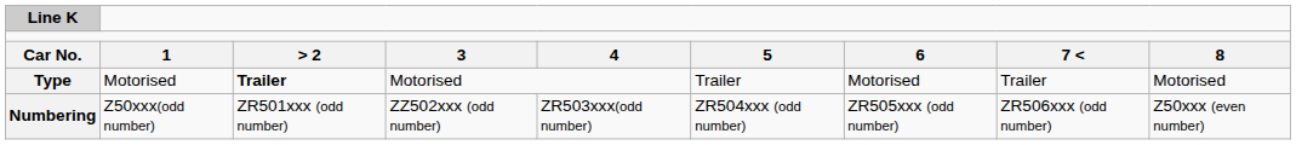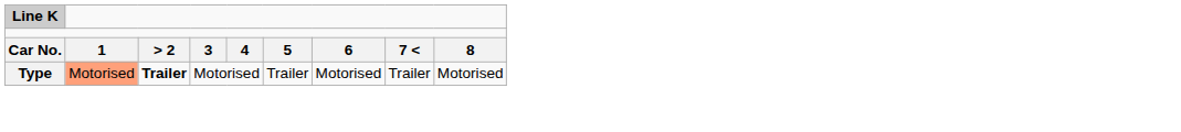 <table class="wikitable">
 <tr>
 <th style="background-color:#ccc;">Line K</th>
 <td colspan="8"></td>
 </tr>
 <tr style="line-height: 9px; background-color:#">
 <td colspan="9" style="padding:0; border:0;"> </td>
 </tr>
 <tr>
 <th>Car No.</th>
 <th>1</th>
 <th>> 2</th>
 <th>3</th>
 <th>4</th>
 <th>5</th>
 <th>6</th>
 <th>7 <</th>
 <th>8</th>
 </tr>
 <tr>
 <th>Type</th>
-<td>Motorised</td>
+<td style="background: lightsalmon;">Motorised</td>
 <td><strong>Trailer</strong></td>
 <td colspan="2">Motorised</td>
 <td>Trailer</td>
 <td>Motorised</td>
 <td>Trailer</td>
 <td>Motorised</td>
 </tr>
-<tr>
-<th>Numbering</th>
-<td>Z50xxx<small>(odd number)</small></td>
-<td>ZR501xxx <small>(odd number)</small></td>
-<td>ZZ502xxx <small>(odd number)</small></td>
-<td>ZR503xxx<small>(odd number)</small></td>
-<td>ZR504xxx <small>(odd number)</small></td>
-<td>ZR505xxx <small>(odd number)</small></td>
-<td>ZR506xxx <small>(odd number)</small></td>
-<td>Z50xxx <small>(even number)</small></td>
-</tr>
 </table>
